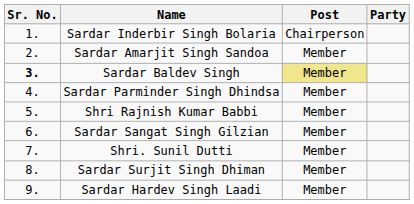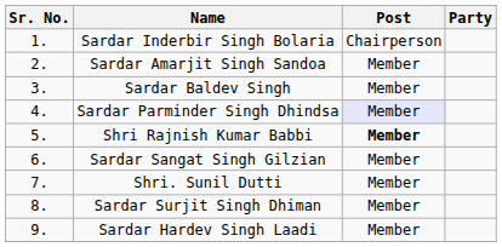 <table class="wikitable sortable">
 <tr>
 <th>Sr. No.</th>
 <th>Name</th>
 <th>Post</th>
 <th colspan="2">Party</th>
 </tr>
 <tr align="center">
 <td>1.</td>
 <td>Sardar Inderbir Singh Bolaria</td>
 <td>Chairperson</td>
 <td></td>
 </tr>
 <tr align="center">
 <td>2.</td>
 <td>Sardar Amarjit Singh Sandoa</td>
 <td>Member</td>
 <td></td>
 </tr>
 <tr align="center">
-<td><strong>3.</strong></td>
+<td>3.</td>
 <td>Sardar Baldev Singh</td>
-<td style="background: khaki;">Member</td>
+<td>Member</td>
 <td></td>
 </tr>
 <tr align="center">
 <td>4.</td>
 <td>Sardar Parminder Singh Dhindsa</td>
-<td>Member</td>
+<td style="background: lavender;">Member</td>
 <td></td>
 </tr>
 <tr align="center">
 <td>5.</td>
 <td>Shri Rajnish Kumar Babbi</td>
-<td>Member</td>
+<td><strong>Member</strong></td>
 <td></td>
 </tr>
 <tr align="center">
 <td>6.</td>
 <td>Sardar Sangat Singh Gilzian</td>
 <td>Member</td>
 <td></td>
 </tr>
 <tr align="center">
 <td>7.</td>
 <td>Shri. Sunil Dutti</td>
 <td>Member</td>
 <td></td>
 </tr>
 <tr align="center">
 <td>8.</td>
 <td>Sardar Surjit Singh Dhiman</td>
 <td>Member</td>
 <td></td>
 </tr>
 <tr align="center">
 <td>9.</td>
 <td>Sardar Hardev Singh Laadi</td>
 <td>Member</td>
 <td></td>
 </tr>
 <tr align="center">
 </tr>
 </table>
